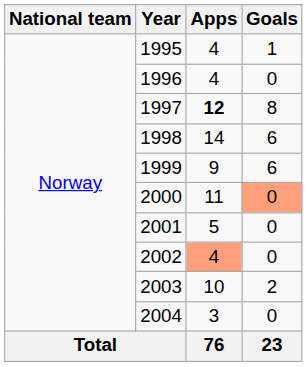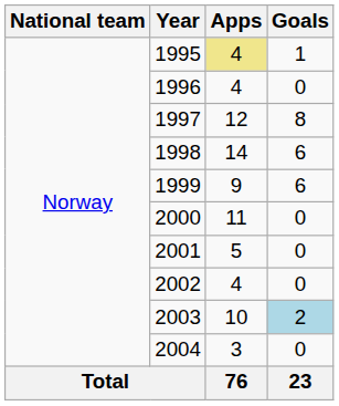 <table class="wikitable" style="text-align:center">
 <tr>
 <th>National team</th>
 <th>Year</th>
 <th>Apps</th>
 <th>Goals</th>
 </tr>
 <tr>
 <td rowspan="10"><a href='#'>Norway</a></td>
 <td>1995</td>
-<td>4</td>
+<td style="background: khaki;">4</td>
 <td>1</td>
 </tr>
 <tr>
 <td>1996</td>
 <td>4</td>
 <td>0</td>
 </tr>
 <tr>
 <td>1997</td>
-<td><strong>12</strong></td>
+<td>12</td>
 <td>8</td>
 </tr>
 <tr>
 <td>1998</td>
 <td>14</td>
 <td>6</td>
 </tr>
 <tr>
 <td>1999</td>
 <td>9</td>
 <td>6</td>
 </tr>
 <tr>
 <td>2000</td>
 <td>11</td>
-<td style="background: lightsalmon;">0</td>
+<td>0</td>
 </tr>
 <tr>
 <td>2001</td>
 <td>5</td>
 <td>0</td>
 </tr>
 <tr>
 <td>2002</td>
-<td style="background: lightsalmon;">4</td>
+<td>4</td>
 <td>0</td>
 </tr>
 <tr>
 <td>2003</td>
 <td>10</td>
-<td>2</td>
+<td style="background: lightblue;">2</td>
 </tr>
 <tr>
 <td>2004</td>
 <td>3</td>
 <td>0</td>
 </tr>
 <tr>
 <th colspan="2">Total</th>
 <th>76</th>
 <th>23</th>
 </tr>
 </table>
